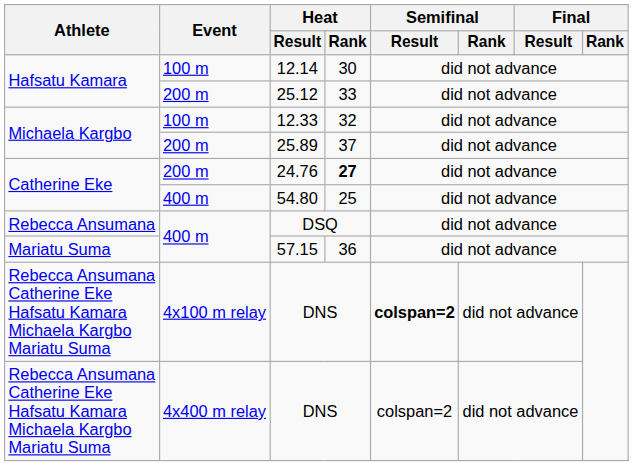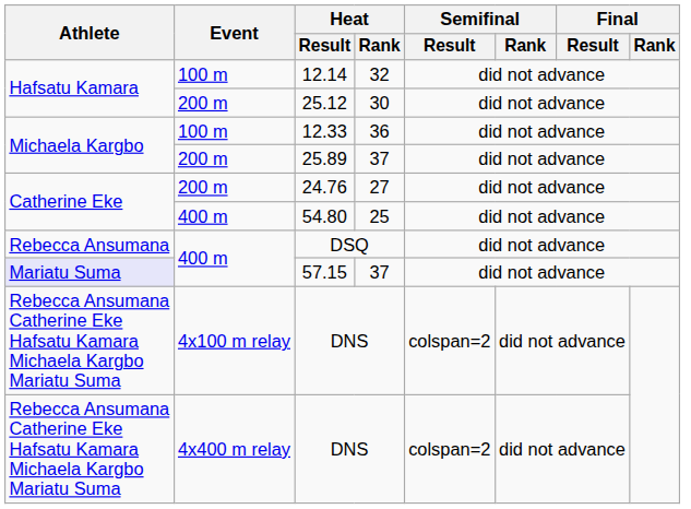 <table class="wikitable" style="font-size:90%">
 <tr>
 <th rowspan=2>Athlete</th>
 <th rowspan=2>Event</th>
 <th colspan=2>Heat</th>
 <th colspan=2>Semifinal</th>
 <th colspan=2>Final</th>
 </tr>
 <tr style="font-size:95%">
 <th>Result</th>
 <th>Rank</th>
 <th>Result</th>
 <th>Rank</th>
 <th>Result</th>
 <th>Rank</th>
 </tr>
 <tr align=center>
 <td align=left rowspan=2><a href='#'>Hafsatu Kamara</a></td>
 <td align=left><a href='#'>100 m</a></td>
 <td>12.14</td>
-<td>30</td>
+<td>32</td>
 <td colspan=4>did not advance</td>
 </tr>
 <tr align=center>
 <td align=left><a href='#'>200 m</a></td>
 <td>25.12</td>
-<td>33</td>
+<td>30</td>
 <td colspan=4>did not advance</td>
 </tr>
 <tr align=center>
 <td align=left rowspan=2><a href='#'>Michaela Kargbo</a></td>
 <td align=left><a href='#'>100 m</a></td>
 <td>12.33</td>
-<td>32</td>
+<td>36</td>
 <td colspan=4>did not advance</td>
 </tr>
 <tr align=center>
 <td align=left><a href='#'>200 m</a></td>
 <td>25.89</td>
 <td>37</td>
 <td colspan=4>did not advance</td>
 </tr>
 <tr align=center>
 <td align=left rowspan=2><a href='#'>Catherine Eke</a></td>
 <td align=left><a href='#'>200 m</a></td>
 <td>24.76</td>
-<td><strong>27</strong></td>
+<td>27</td>
 <td colspan=4>did not advance</td>
 </tr>
 <tr align=center>
 <td align=left><a href='#'>400 m</a></td>
 <td>54.80</td>
 <td>25</td>
 <td colspan=4>did not advance</td>
 </tr>
 <tr align=center>
 <td align=left><a href='#'>Rebecca Ansumana</a></td>
 <td align=left rowspan=2><a href='#'>400 m</a></td>
 <td colspan=2>DSQ</td>
 <td colspan=4>did not advance</td>
 </tr>
 <tr align=center>
-<td align=left><a href='#'>Mariatu Suma</a></td>
+<td align=left style="background: lavender;"><a href='#'>Mariatu Suma</a></td>
 <td>57.15</td>
-<td>36</td>
+<td>37</td>
 <td colspan=4>did not advance</td>
 </tr>
 <tr align=center>
 <td align=left><a href='#'>Rebecca Ansumana</a><br><a href='#'>Catherine Eke</a><br><a href='#'>Hafsatu Kamara</a><br><a href='#'>Michaela Kargbo</a><br><a href='#'>Mariatu Suma</a></td>
 <td align=left><a href='#'>4x100 m relay</a></td>
 <td colspan=2>DNS</td>
-<td><strong>colspan=2 </strong></td>
+<td>colspan=2 </td>
 <td colspan=2>did not advance</td>
 </tr>
 <tr align=center>
 <td align=left><a href='#'>Rebecca Ansumana</a><br><a href='#'>Catherine Eke</a><br><a href='#'>Hafsatu Kamara</a><br><a href='#'>Michaela Kargbo</a><br><a href='#'>Mariatu Suma</a></td>
 <td align=left><a href='#'>4x400 m relay</a></td>
 <td colspan=2>DNS</td>
 <td>colspan=2 </td>
 <td colspan=2>did not advance</td>
 </tr>
 </table>
